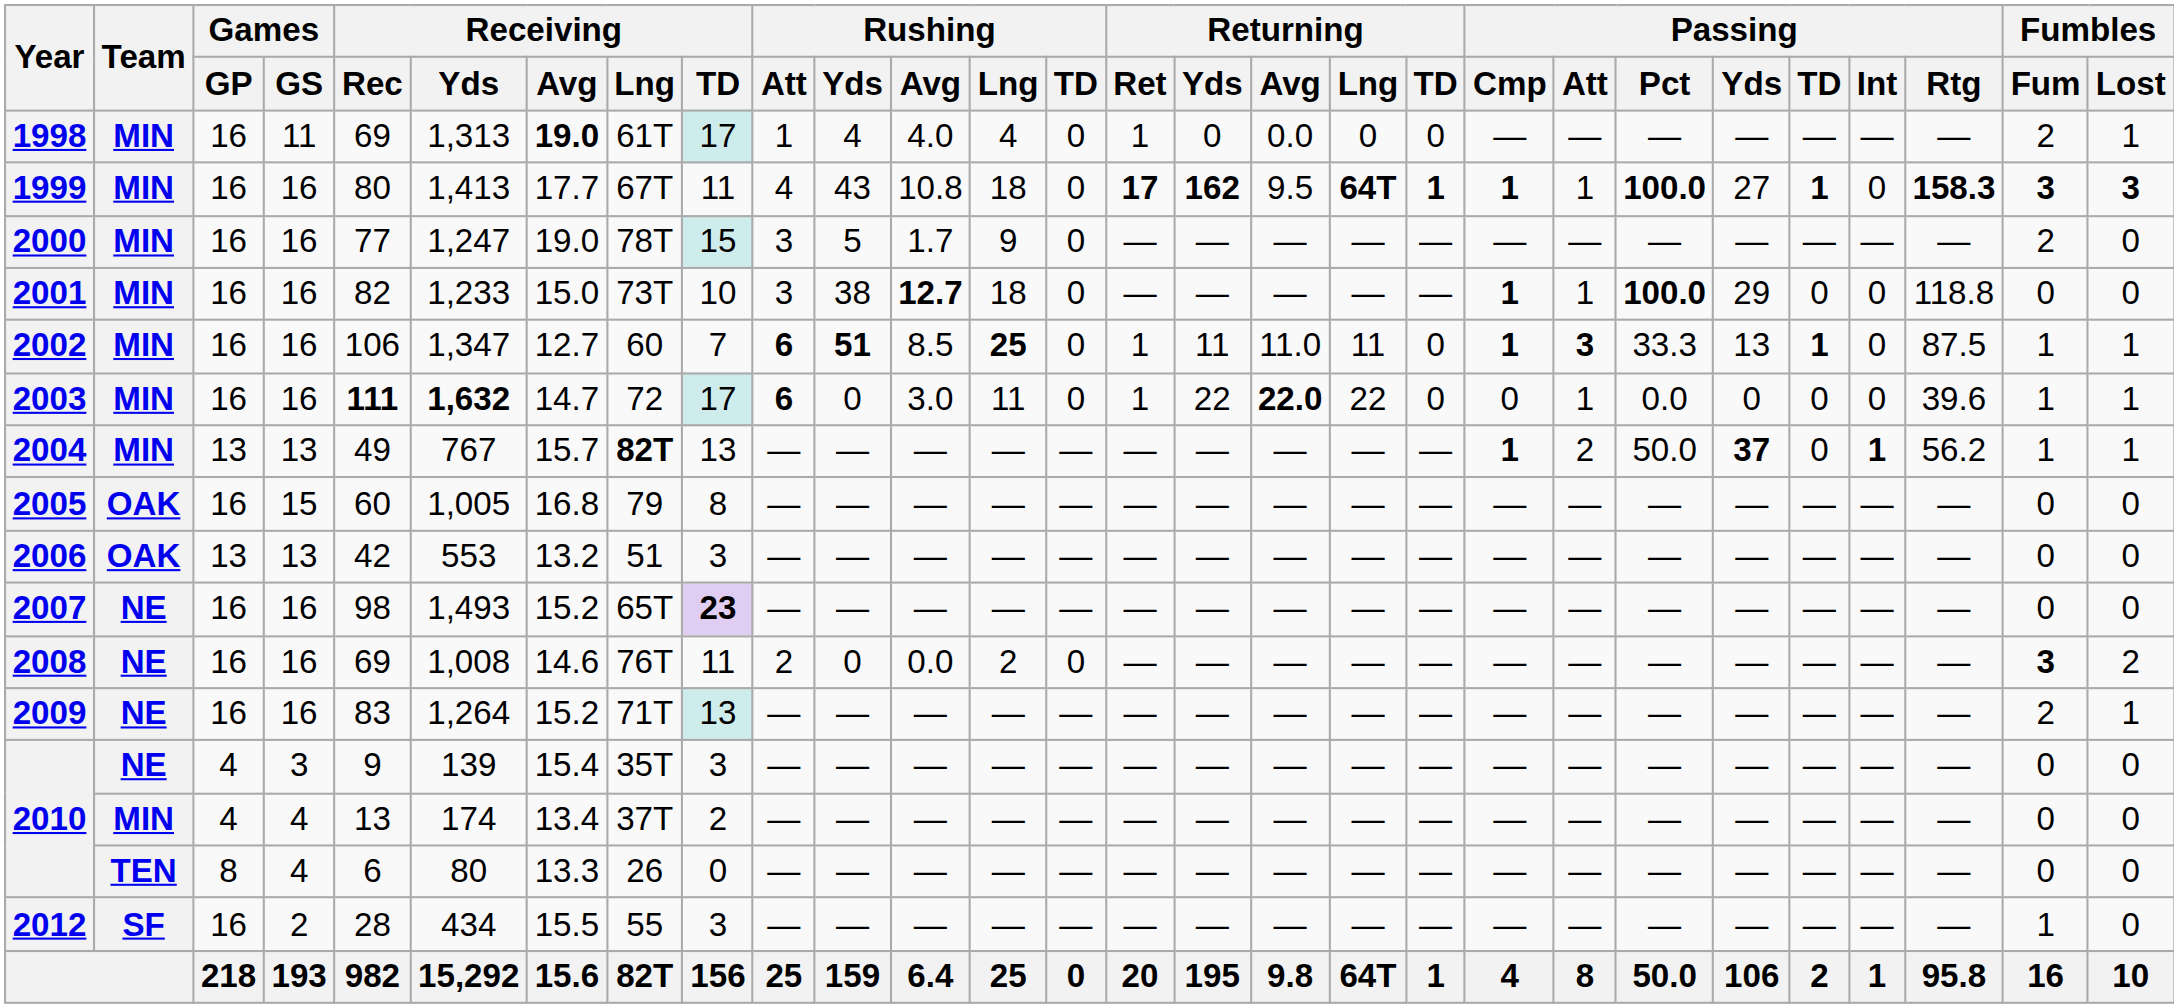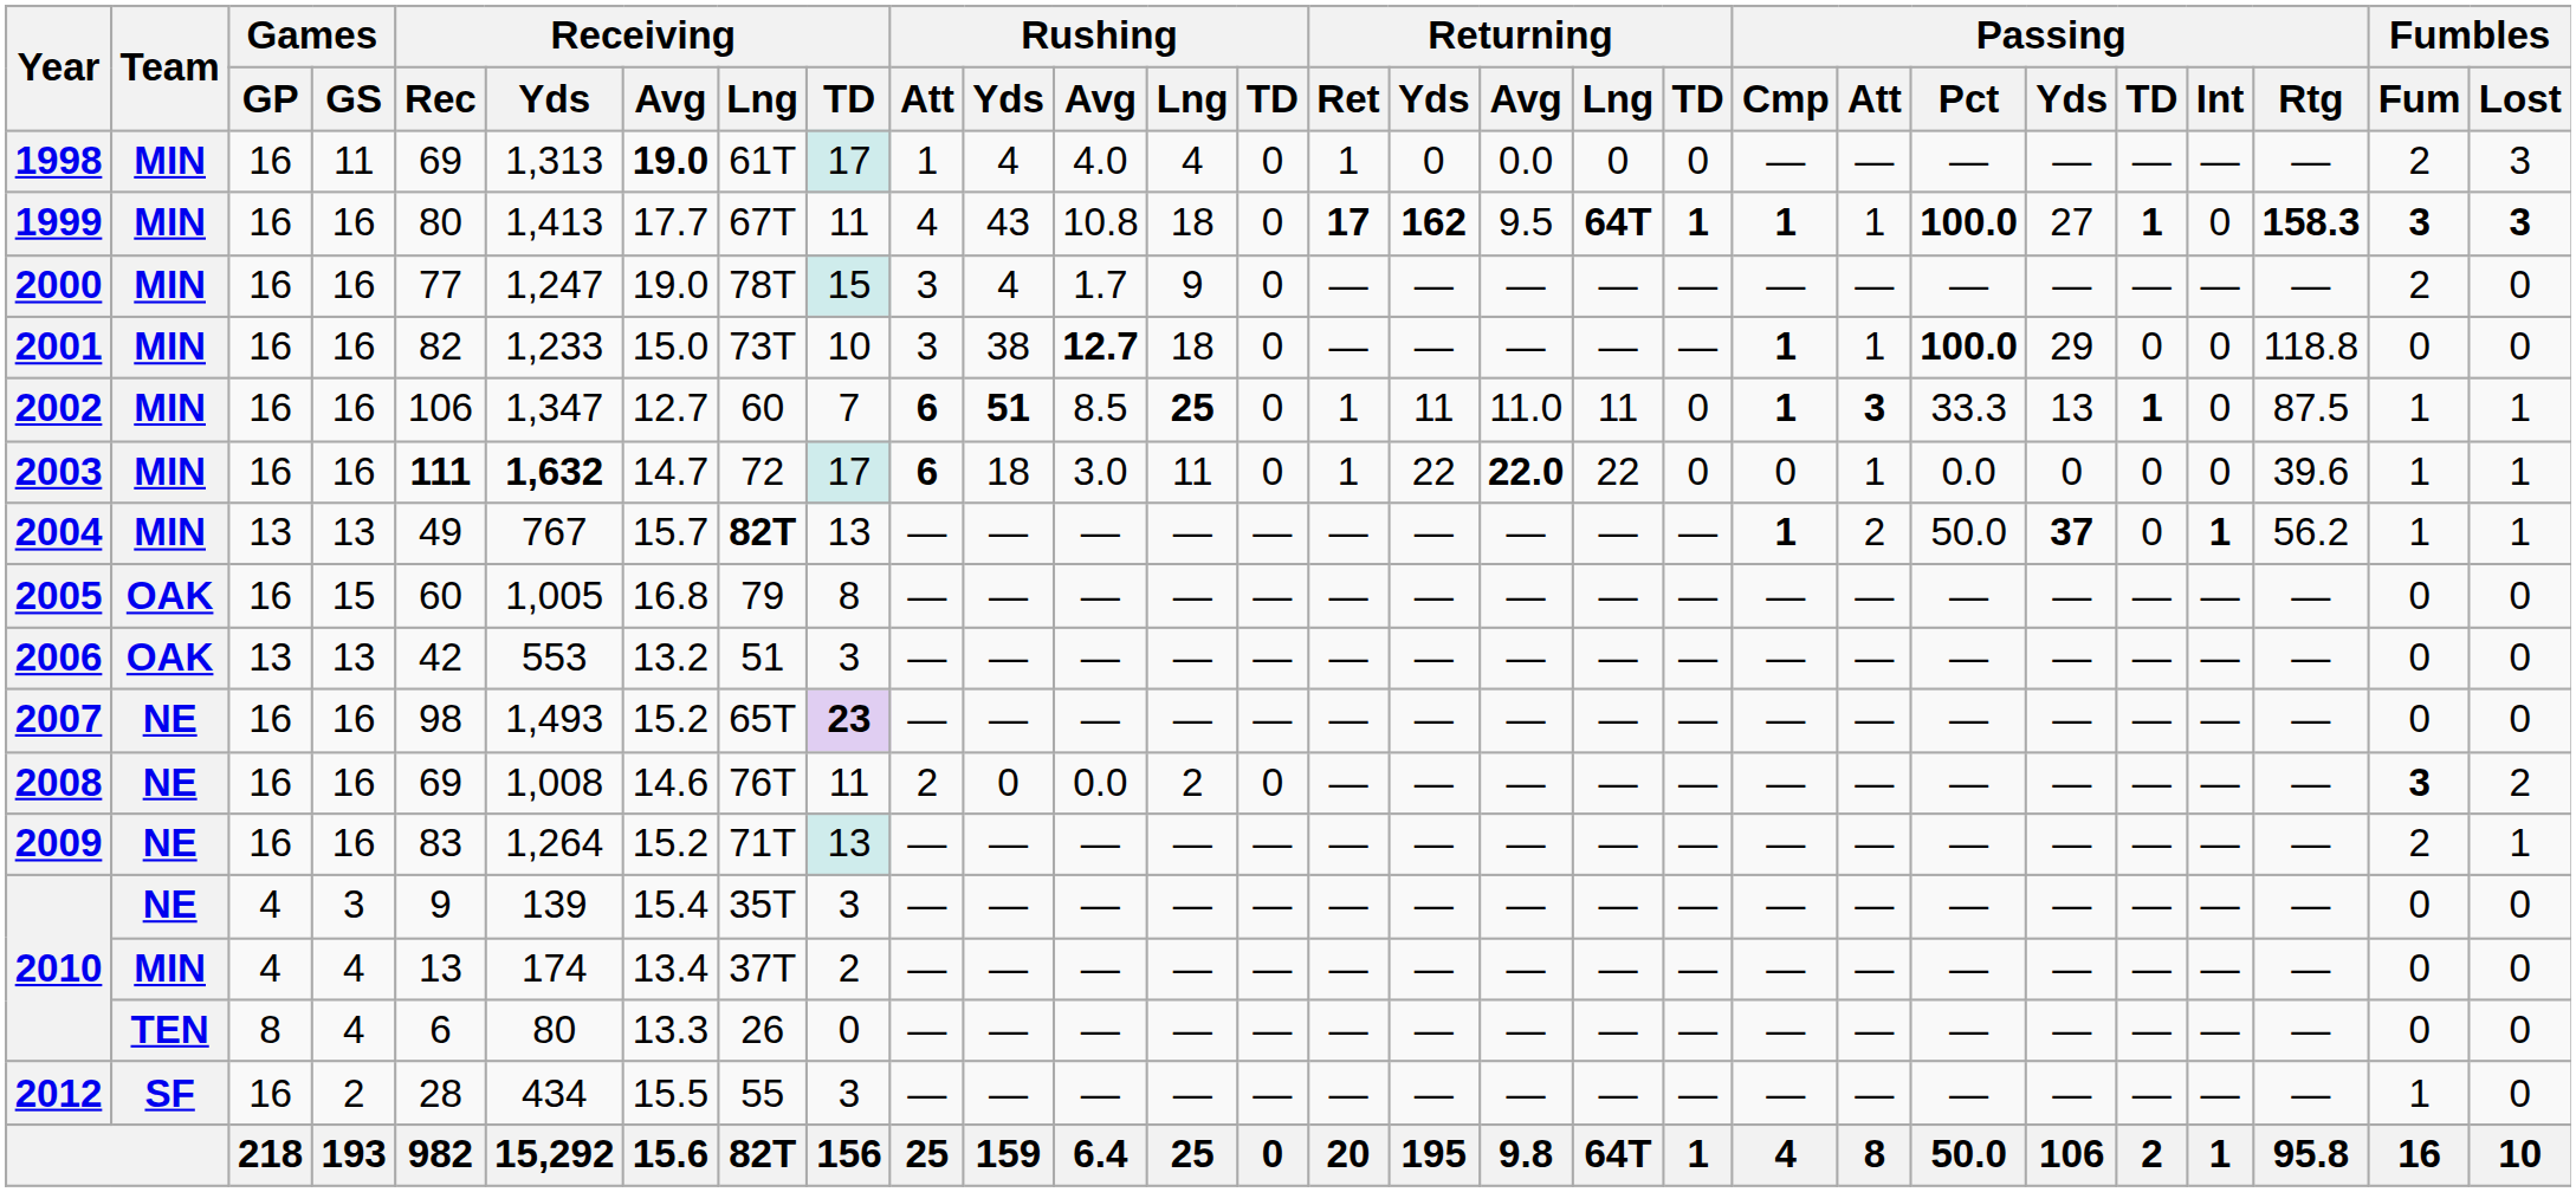 <table class="wikitable" style="text-align:center;">
 <tr>
 <th rowspan="2">Year</th>
 <th rowspan="2">Team</th>
 <th colspan="2">Games</th>
 <th colspan="5">Receiving</th>
 <th colspan="5">Rushing</th>
 <th colspan="5">Returning</th>
 <th colspan="7">Passing</th>
 <th colspan="2">Fumbles</th>
 </tr>
 <tr>
 <th>GP</th>
 <th>GS</th>
 <th>Rec</th>
 <th>Yds</th>
 <th>Avg</th>
 <th>Lng</th>
 <th>TD</th>
 <th>Att</th>
 <th>Yds</th>
 <th>Avg</th>
 <th>Lng</th>
 <th>TD</th>
 <th>Ret</th>
 <th>Yds</th>
 <th>Avg</th>
 <th>Lng</th>
 <th>TD</th>
 <th>Cmp</th>
 <th>Att</th>
 <th>Pct</th>
 <th>Yds</th>
 <th>TD</th>
 <th>Int</th>
 <th>Rtg</th>
 <th>Fum</th>
 <th>Lost</th>
 </tr>
 <tr>
 <th><a href='#'>1998</a></th>
 <th><a href='#'>MIN</a></th>
 <td>16</td>
 <td>11</td>
 <td>69</td>
 <td>1,313</td>
 <td><strong>19.0</strong></td>
 <td>61T</td>
 <td style="background:#cfecec;">17</td>
 <td>1</td>
 <td>4</td>
 <td>4.0</td>
 <td>4</td>
 <td>0</td>
 <td>1</td>
 <td>0</td>
 <td>0.0</td>
 <td>0</td>
 <td>0</td>
 <td>—</td>
 <td>—</td>
 <td>—</td>
 <td>—</td>
 <td>—</td>
 <td>—</td>
 <td>—</td>
 <td>2</td>
-<td>1</td>
+<td>3</td>
 </tr>
 <tr>
 <th><a href='#'>1999</a></th>
 <th><a href='#'>MIN</a></th>
 <td>16</td>
 <td>16</td>
 <td>80</td>
 <td>1,413</td>
 <td>17.7</td>
 <td>67T</td>
 <td>11</td>
 <td>4</td>
 <td>43</td>
 <td>10.8</td>
 <td>18</td>
 <td>0</td>
 <td><strong>17</strong></td>
 <td><strong>162</strong></td>
 <td>9.5</td>
 <td><strong>64T</strong></td>
 <td><strong>1</strong></td>
 <td><strong>1</strong></td>
 <td>1</td>
 <td><strong>100.0</strong></td>
 <td>27</td>
 <td><strong>1</strong></td>
 <td>0</td>
 <td><strong>158.3</strong></td>
 <td><strong>3</strong></td>
 <td><strong>3</strong></td>
 </tr>
 <tr>
 <th><a href='#'>2000</a></th>
 <th><a href='#'>MIN</a></th>
 <td>16</td>
 <td>16</td>
 <td>77</td>
 <td>1,247</td>
 <td>19.0</td>
 <td>78T</td>
 <td style="background:#cfecec;">15</td>
 <td>3</td>
-<td>5</td>
+<td>4</td>
 <td>1.7</td>
 <td>9</td>
 <td>0</td>
 <td>—</td>
 <td>—</td>
 <td>—</td>
 <td>—</td>
 <td>—</td>
 <td>—</td>
 <td>—</td>
 <td>—</td>
 <td>—</td>
 <td>—</td>
 <td>—</td>
 <td>—</td>
 <td>2</td>
 <td>0</td>
 </tr>
 <tr>
 <th><a href='#'>2001</a></th>
 <th><a href='#'>MIN</a></th>
 <td>16</td>
 <td>16</td>
 <td>82</td>
 <td>1,233</td>
 <td>15.0</td>
 <td>73T</td>
 <td>10</td>
 <td>3</td>
 <td>38</td>
 <td><strong>12.7</strong></td>
 <td>18</td>
 <td>0</td>
 <td>—</td>
 <td>—</td>
 <td>—</td>
 <td>—</td>
 <td>—</td>
 <td><strong>1</strong></td>
 <td>1</td>
 <td><strong>100.0</strong></td>
 <td>29</td>
 <td>0</td>
 <td>0</td>
 <td>118.8</td>
 <td>0</td>
 <td>0</td>
 </tr>
 <tr>
 <th><a href='#'>2002</a></th>
 <th><a href='#'>MIN</a></th>
 <td>16</td>
 <td>16</td>
 <td>106</td>
 <td>1,347</td>
 <td>12.7</td>
 <td>60</td>
 <td>7</td>
 <td><strong>6</strong></td>
 <td><strong>51</strong></td>
 <td>8.5</td>
 <td><strong>25</strong></td>
 <td>0</td>
 <td>1</td>
 <td>11</td>
 <td>11.0</td>
 <td>11</td>
 <td>0</td>
 <td><strong>1</strong></td>
 <td><strong>3</strong></td>
 <td>33.3</td>
 <td>13</td>
 <td><strong>1</strong></td>
 <td>0</td>
 <td>87.5</td>
 <td>1</td>
 <td>1</td>
 </tr>
 <tr>
 <th><a href='#'>2003</a></th>
 <th><a href='#'>MIN</a></th>
 <td>16</td>
 <td>16</td>
 <td><strong>111</strong></td>
 <td><strong>1,632</strong></td>
 <td>14.7</td>
 <td>72</td>
 <td style="background:#cfecec;">17</td>
 <td><strong>6</strong></td>
-<td>0</td>
+<td>18</td>
 <td>3.0</td>
 <td>11</td>
 <td>0</td>
 <td>1</td>
 <td>22</td>
 <td><strong>22.0</strong></td>
 <td>22</td>
 <td>0</td>
 <td>0</td>
 <td>1</td>
 <td>0.0</td>
 <td>0</td>
 <td>0</td>
 <td>0</td>
 <td>39.6</td>
 <td>1</td>
 <td>1</td>
 </tr>
 <tr>
 <th><a href='#'>2004</a></th>
 <th><a href='#'>MIN</a></th>
 <td>13</td>
 <td>13</td>
 <td>49</td>
 <td>767</td>
 <td>15.7</td>
 <td><strong>82T</strong></td>
 <td>13</td>
 <td>—</td>
 <td>—</td>
 <td>—</td>
 <td>—</td>
 <td>—</td>
 <td>—</td>
 <td>—</td>
 <td>—</td>
 <td>—</td>
 <td>—</td>
 <td><strong>1</strong></td>
 <td>2</td>
 <td>50.0</td>
 <td><strong>37</strong></td>
 <td>0</td>
 <td><strong>1</strong></td>
 <td>56.2</td>
 <td>1</td>
 <td>1</td>
 </tr>
 <tr>
 <th><a href='#'>2005</a></th>
 <th><a href='#'>OAK</a></th>
 <td>16</td>
 <td>15</td>
 <td>60</td>
 <td>1,005</td>
 <td>16.8</td>
 <td>79</td>
 <td>8</td>
 <td>—</td>
 <td>—</td>
 <td>—</td>
 <td>—</td>
 <td>—</td>
 <td>—</td>
 <td>—</td>
 <td>—</td>
 <td>—</td>
 <td>—</td>
 <td>—</td>
 <td>—</td>
 <td>—</td>
 <td>—</td>
 <td>—</td>
 <td>—</td>
 <td>—</td>
 <td>0</td>
 <td>0</td>
 </tr>
 <tr>
 <th><a href='#'>2006</a></th>
 <th><a href='#'>OAK</a></th>
 <td>13</td>
 <td>13</td>
 <td>42</td>
 <td>553</td>
 <td>13.2</td>
 <td>51</td>
 <td>3</td>
 <td>—</td>
 <td>—</td>
 <td>—</td>
 <td>—</td>
 <td>—</td>
 <td>—</td>
 <td>—</td>
 <td>—</td>
 <td>—</td>
 <td>—</td>
 <td>—</td>
 <td>—</td>
 <td>—</td>
 <td>—</td>
 <td>—</td>
 <td>—</td>
 <td>—</td>
 <td>0</td>
 <td>0</td>
 </tr>
 <tr>
 <th><a href='#'>2007</a></th>
 <th><a href='#'>NE</a></th>
 <td>16</td>
 <td>16</td>
 <td>98</td>
 <td>1,493</td>
 <td>15.2</td>
 <td>65T</td>
 <td style="background:#e0cef2;"><strong>23</strong></td>
 <td>—</td>
 <td>—</td>
 <td>—</td>
 <td>—</td>
 <td>—</td>
 <td>—</td>
 <td>—</td>
 <td>—</td>
 <td>—</td>
 <td>—</td>
 <td>—</td>
 <td>—</td>
 <td>—</td>
 <td>—</td>
 <td>—</td>
 <td>—</td>
 <td>—</td>
 <td>0</td>
 <td>0</td>
 </tr>
 <tr>
 <th><a href='#'>2008</a></th>
 <th><a href='#'>NE</a></th>
 <td>16</td>
 <td>16</td>
 <td>69</td>
 <td>1,008</td>
 <td>14.6</td>
 <td>76T</td>
 <td>11</td>
 <td>2</td>
 <td>0</td>
 <td>0.0</td>
 <td>2</td>
 <td>0</td>
 <td>—</td>
 <td>—</td>
 <td>—</td>
 <td>—</td>
 <td>—</td>
 <td>—</td>
 <td>—</td>
 <td>—</td>
 <td>—</td>
 <td>—</td>
 <td>—</td>
 <td>—</td>
 <td><strong>3</strong></td>
 <td>2</td>
 </tr>
 <tr>
 <th><a href='#'>2009</a></th>
 <th><a href='#'>NE</a></th>
 <td>16</td>
 <td>16</td>
 <td>83</td>
 <td>1,264</td>
 <td>15.2</td>
 <td>71T</td>
 <td style="background:#cfecec;">13</td>
 <td>—</td>
 <td>—</td>
 <td>—</td>
 <td>—</td>
 <td>—</td>
 <td>—</td>
 <td>—</td>
 <td>—</td>
 <td>—</td>
 <td>—</td>
 <td>—</td>
 <td>—</td>
 <td>—</td>
 <td>—</td>
 <td>—</td>
 <td>—</td>
 <td>—</td>
 <td>2</td>
 <td>1</td>
 </tr>
 <tr>
 <th rowspan="3"><a href='#'>2010</a></th>
 <th><a href='#'>NE</a></th>
 <td>4</td>
 <td>3</td>
 <td>9</td>
 <td>139</td>
 <td>15.4</td>
 <td>35T</td>
 <td>3</td>
 <td>—</td>
 <td>—</td>
 <td>—</td>
 <td>—</td>
 <td>—</td>
 <td>—</td>
 <td>—</td>
 <td>—</td>
 <td>—</td>
 <td>—</td>
 <td>—</td>
 <td>—</td>
 <td>—</td>
 <td>—</td>
 <td>—</td>
 <td>—</td>
 <td>—</td>
 <td>0</td>
 <td>0</td>
 </tr>
 <tr>
 <th><a href='#'>MIN</a></th>
 <td>4</td>
 <td>4</td>
 <td>13</td>
 <td>174</td>
 <td>13.4</td>
 <td>37T</td>
 <td>2</td>
 <td>—</td>
 <td>—</td>
 <td>—</td>
 <td>—</td>
 <td>—</td>
 <td>—</td>
 <td>—</td>
 <td>—</td>
 <td>—</td>
 <td>—</td>
 <td>—</td>
 <td>—</td>
 <td>—</td>
 <td>—</td>
 <td>—</td>
 <td>—</td>
 <td>—</td>
 <td>0</td>
 <td>0</td>
 </tr>
 <tr>
 <th><a href='#'>TEN</a></th>
 <td>8</td>
 <td>4</td>
 <td>6</td>
 <td>80</td>
 <td>13.3</td>
 <td>26</td>
 <td>0</td>
 <td>—</td>
 <td>—</td>
 <td>—</td>
 <td>—</td>
 <td>—</td>
 <td>—</td>
 <td>—</td>
 <td>—</td>
 <td>—</td>
 <td>—</td>
 <td>—</td>
 <td>—</td>
 <td>—</td>
 <td>—</td>
 <td>—</td>
 <td>—</td>
 <td>—</td>
 <td>0</td>
 <td>0</td>
 </tr>
 <tr>
 <th><a href='#'>2012</a></th>
 <th><a href='#'>SF</a></th>
 <td>16</td>
 <td>2</td>
 <td>28</td>
 <td>434</td>
 <td>15.5</td>
 <td>55</td>
 <td>3</td>
 <td>—</td>
 <td>—</td>
 <td>—</td>
 <td>—</td>
 <td>—</td>
 <td>—</td>
 <td>—</td>
 <td>—</td>
 <td>—</td>
 <td>—</td>
 <td>—</td>
 <td>—</td>
 <td>—</td>
 <td>—</td>
 <td>—</td>
 <td>—</td>
 <td>—</td>
 <td>1</td>
 <td>0</td>
 </tr>
 <tr>
 <th colspan="2"></th>
 <th>218</th>
 <th>193</th>
 <th>982</th>
 <th>15,292</th>
 <th>15.6</th>
 <th>82T</th>
 <th>156</th>
 <th>25</th>
 <th>159</th>
 <th>6.4</th>
 <th>25</th>
 <th>0</th>
 <th>20</th>
 <th>195</th>
 <th>9.8</th>
 <th>64T</th>
 <th>1</th>
 <th>4</th>
 <th>8</th>
 <th>50.0</th>
 <th>106</th>
 <th>2</th>
 <th>1</th>
 <th>95.8</th>
 <th>16</th>
 <th>10</th>
 </tr>
 </table>
